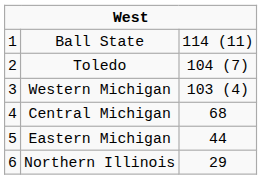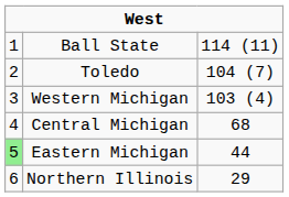 <table class="wikitable" style="display: inline-table;">
 <tr align="center">
 <td align="center" Colspan="3"><strong>West</strong><br></td>
 </tr>
 <tr align="center">
 <td>1</td>
 <td>Ball State</td>
 <td>114 (11)</td>
 </tr>
 <tr align="center">
 <td>2</td>
 <td>Toledo</td>
 <td>104 (7)</td>
 </tr>
 <tr align="center">
 <td>3</td>
 <td>Western Michigan</td>
 <td>103 (4)</td>
 </tr>
 <tr align="center">
 <td>4</td>
 <td>Central Michigan</td>
 <td>68</td>
 </tr>
 <tr align="center">
-<td>5</td>
+<td style="background: lightgreen;">5</td>
 <td>Eastern Michigan</td>
 <td>44</td>
 </tr>
 <tr align="center">
 <td>6</td>
 <td>Northern Illinois</td>
 <td>29</td>
 </tr>
 </table>
